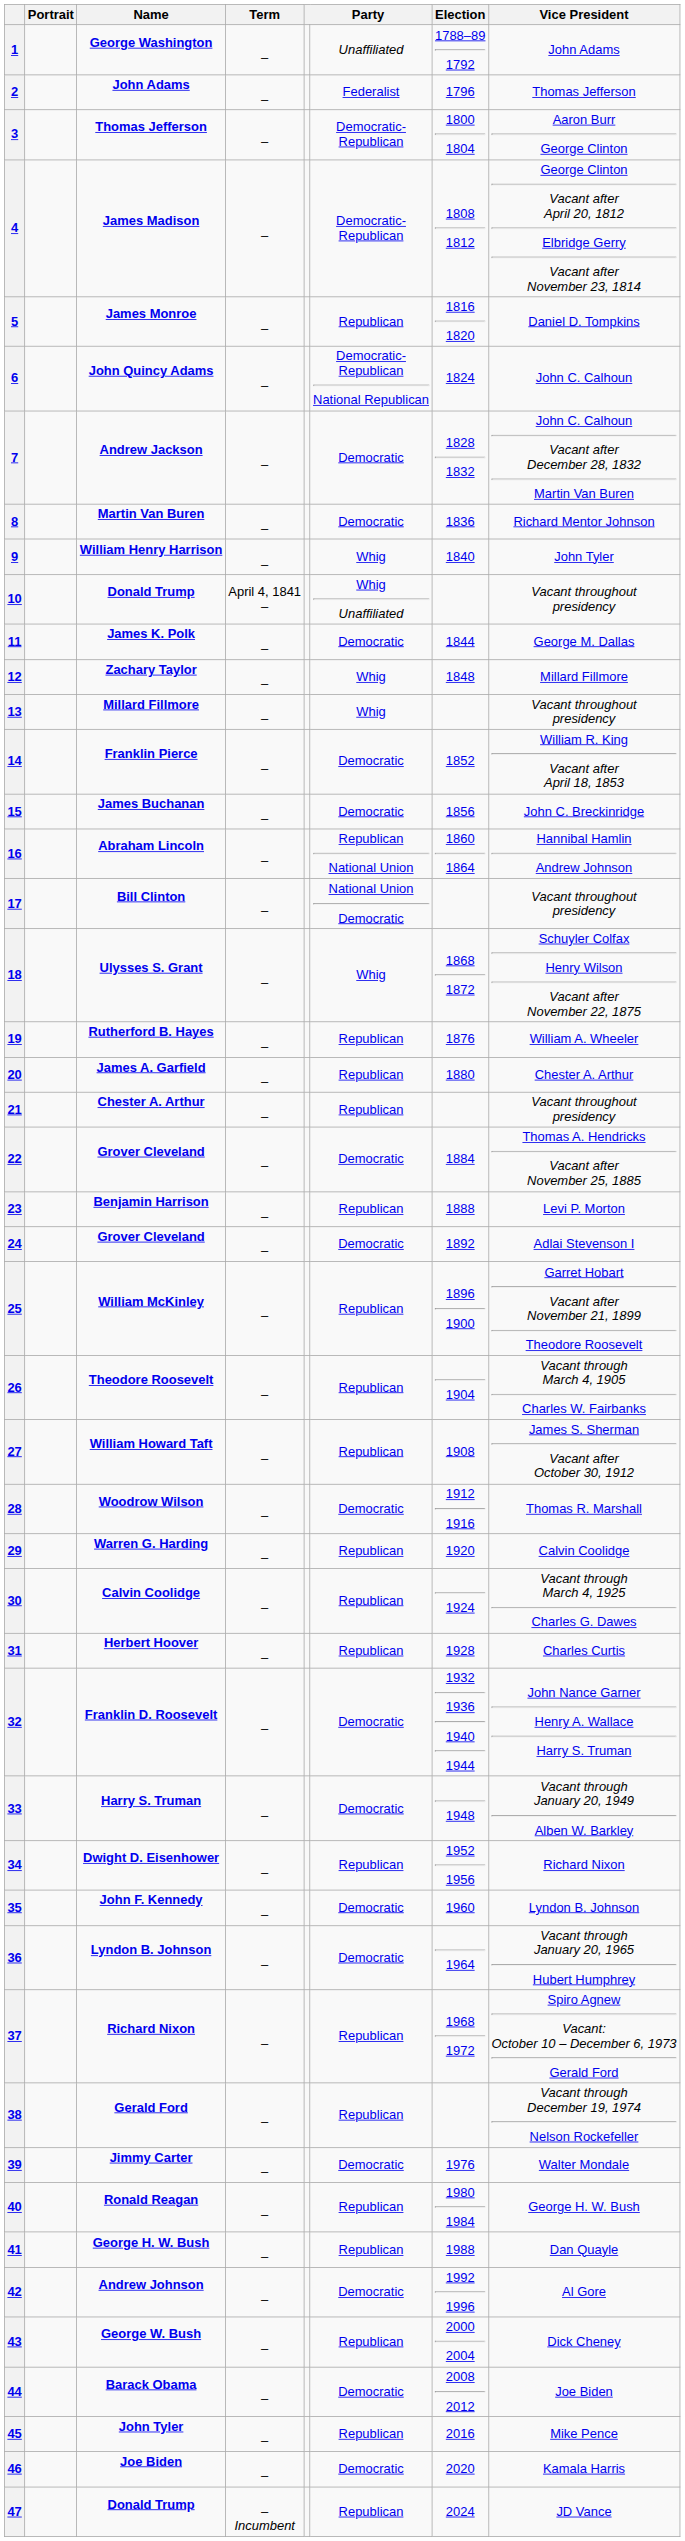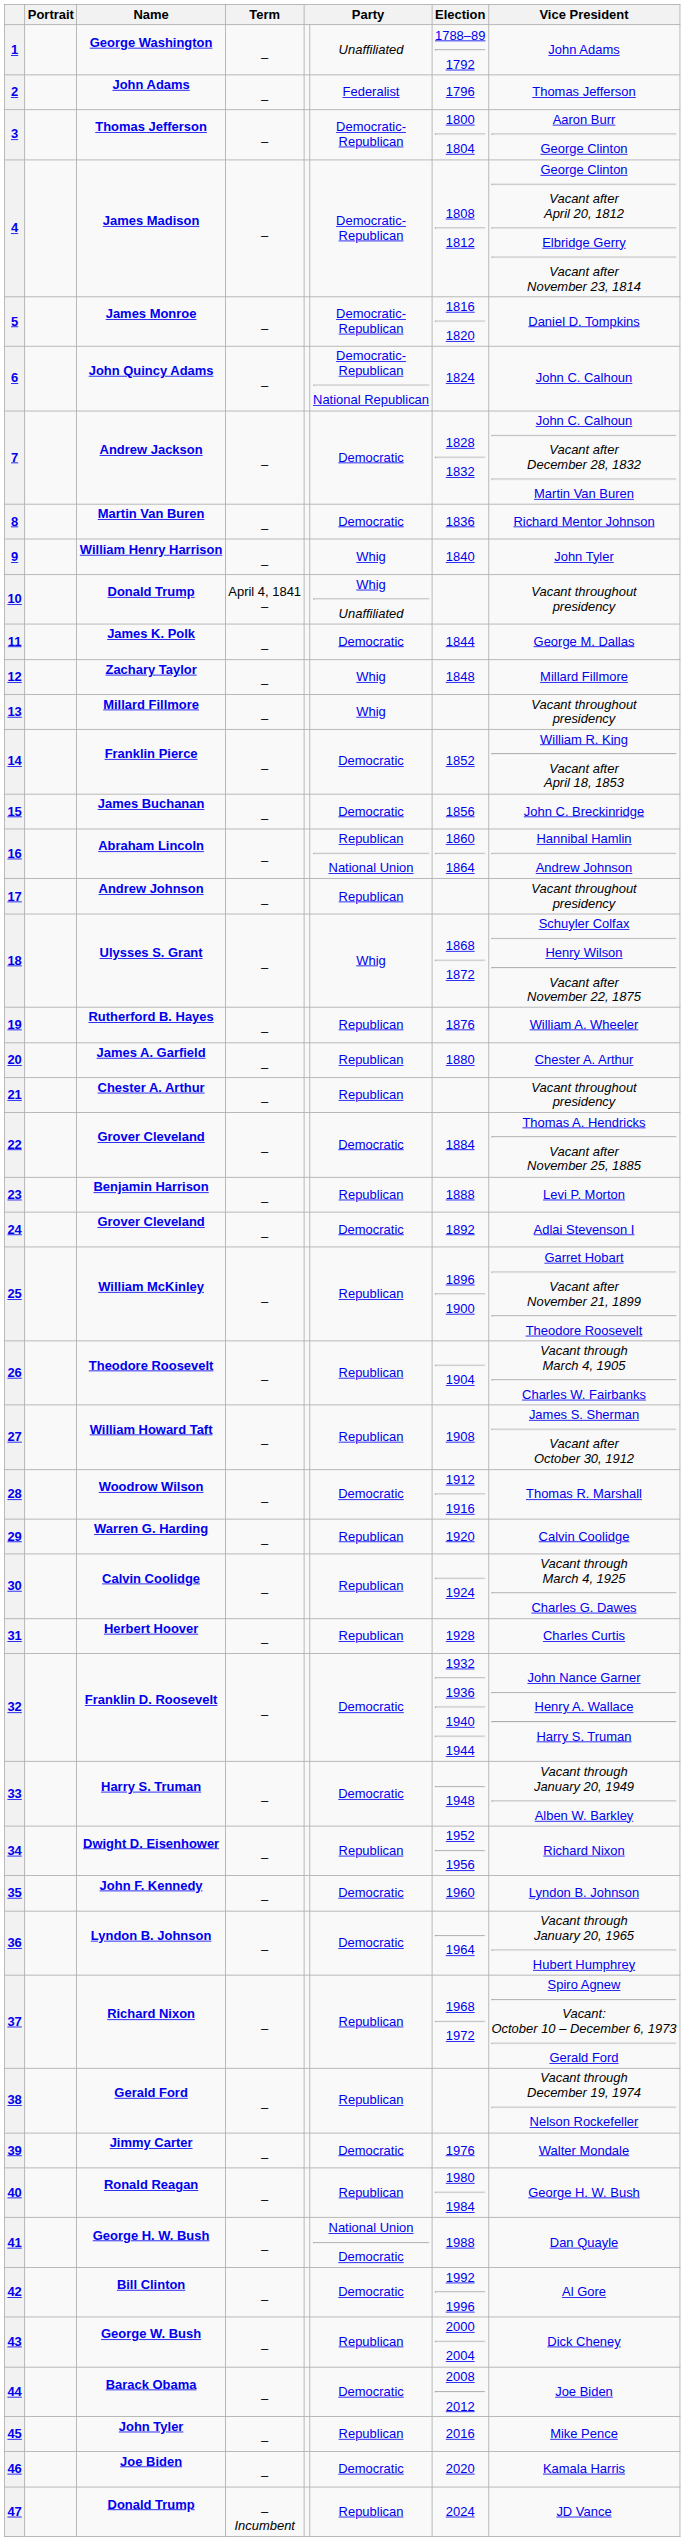 <table class="wikitable sortable sticky-header" style=text-align:center;>
 <tr>
 <th scope=col></th>
 <th scope=col class=unsortable>Portrait</th>
 <th scope=col>Name<br></th>
 <th scope=col class=unsortable>Term</th>
 <th scope=col colspan=2>Party</th>
 <th scope=col class=unsortable>Election</th>
 <th scope=col class=unsortable>Vice President</th>
 </tr>
 <tr>
 <th scope=row><a href='#'>1</a></th>
 <td></td>
 <td data-sort-value="Washington, George"><strong><a href='#'>George Washington</a></strong><br><br></td>
 <td><br>–<br></td>
 <td style="background-color:"></td>
 <td><em>Unaffiliated</em></td>
 <td class=nowrap><a href='#'>1788–89</a> <hr> <a href='#'>1792</a></td>
 <td><a href='#'>John Adams</a></td>
 </tr>
 <tr>
 <th scope=row><a href='#'>2</a></th>
 <td></td>
 <td data-sort-value="Adams, John"><strong><a href='#'>John Adams</a></strong><br><br></td>
 <td><br>–<br></td>
 <td style="background-color:"></td>
 <td><a href='#'>Federalist</a></td>
 <td><a href='#'>1796</a></td>
 <td><a href='#'>Thomas Jefferson</a></td>
 </tr>
 <tr>
 <th scope=row><a href='#'>3</a></th>
 <td></td>
 <td data-sort-value="Jefferson, Thomas"><strong><a href='#'>Thomas Jefferson</a></strong><br><br></td>
 <td><br>–<br></td>
 <td style="background-color:"></td>
 <td><a href='#'>Democratic-<br>Republican</a></td>
 <td><a href='#'>1800</a><br> <hr> <a href='#'>1804</a></td>
 <td><a href='#'>Aaron Burr</a> <hr> <a href='#'>George Clinton</a></td>
 </tr>
 <tr>
 <th scope=row><a href='#'>4</a></th>
 <td></td>
 <td data-sort-value="Madison, James"><strong><a href='#'>James Madison</a></strong><br><br></td>
 <td><br>–<br></td>
 <td style="background-color:"></td>
 <td><a href='#'>Democratic-<br>Republican</a></td>
 <td><a href='#'>1808</a> <hr> <a href='#'>1812</a></td>
 <td><a href='#'>George Clinton</a> <hr> <em>Vacant after<br>April 20, 1812</em> <hr> <a href='#'>Elbridge Gerry</a> <hr> <em>Vacant after<br>November 23, 1814</em></td>
 </tr>
 <tr>
 <th scope=row><a href='#'>5</a></th>
 <td></td>
 <td data-sort-value="Monroe, James"><strong><a href='#'>James Monroe</a></strong><br><br></td>
 <td><br>–<br></td>
 <td style="background-color:"></td>
-<td><a href='#'>Republican</a></td>
+<td><a href='#'>Democratic-<br>Republican</a></td>
 <td><a href='#'>1816</a> <hr> <a href='#'>1820</a></td>
 <td><a href='#'>Daniel D. Tompkins</a></td>
 </tr>
 <tr>
 <th scope=row><a href='#'>6</a></th>
 <td></td>
 <td data-sort-value="Adams, John Quincy"><strong><a href='#'>John Quincy Adams</a></strong><br><br></td>
 <td><br>–<br></td>
 <td style="background: linear-gradient("></td>
 <td><a href='#'>Democratic-<br>Republican</a> <hr> <a href='#'>National Republican</a></td>
 <td><a href='#'>1824</a></td>
 <td><a href='#'>John C. Calhoun</a></td>
 </tr>
 <tr>
 <th scope=row><a href='#'>7</a></th>
 <td></td>
 <td data-sort-value="Jackson, Andrew"><strong><a href='#'>Andrew Jackson</a></strong><br><br></td>
 <td><br>–<br></td>
 <td style="background-color:"></td>
 <td><a href='#'>Democratic</a></td>
 <td><a href='#'>1828</a> <hr> <a href='#'>1832</a></td>
 <td><a href='#'>John C. Calhoun</a> <hr> <em>Vacant after<br>December 28, 1832</em> <hr> <a href='#'>Martin Van Buren</a></td>
 </tr>
 <tr>
 <th scope=row><a href='#'>8</a></th>
 <td></td>
 <td data-sort-value="Van Buren, Martin"><strong><a href='#'>Martin Van Buren</a></strong><br><br></td>
 <td><br>–<br></td>
 <td style="background-color:"></td>
 <td><a href='#'>Democratic</a></td>
 <td><a href='#'>1836</a></td>
 <td><a href='#'>Richard Mentor Johnson</a></td>
 </tr>
 <tr>
 <th scope=row><a href='#'>9</a></th>
 <td></td>
 <td data-sort-value="Harrison, William Henry"><strong><a href='#'>William Henry Harrison</a></strong><br><br></td>
 <td><br>–<br></td>
 <td style="background-color:"></td>
 <td><a href='#'>Whig</a></td>
 <td><a href='#'>1840</a></td>
 <td><a href='#'>John Tyler</a></td>
 </tr>
 <tr>
 <th scope=row><a href='#'>10</a></th>
 <td></td>
 <td data-sort-value="Trump, Donald"><strong><a href='#'>Donald Trump</a></strong><br><br></td>
 <td><span>April 4, 1841<br>–<br></span></td>
 <td style="background: linear-gradient("></td>
 <td><a href='#'>Whig</a> <hr> <em>Unaffiliated</em></td>
 <td></td>
 <td><em>Vacant throughout<br>presidency</em></td>
 </tr>
 <tr>
 <th scope=row><a href='#'>11</a></th>
 <td></td>
 <td data-sort-value="Polk, James K"><strong><a href='#'>James K. Polk</a></strong><br><br></td>
 <td><br>–<br></td>
 <td style="background-color:"></td>
 <td><a href='#'>Democratic</a></td>
 <td><a href='#'>1844</a></td>
 <td><a href='#'>George M. Dallas</a></td>
 </tr>
 <tr>
 <th scope=row><a href='#'>12</a></th>
 <td></td>
 <td data-sort-value="Taylor, Zachary"><strong><a href='#'>Zachary Taylor</a></strong><br><br></td>
 <td><br>–<br></td>
 <td style="background-color:"></td>
 <td><a href='#'>Whig</a></td>
 <td><a href='#'>1848</a></td>
 <td><a href='#'>Millard Fillmore</a></td>
 </tr>
 <tr>
 <th scope=row><a href='#'>13</a></th>
 <td></td>
 <td data-sort-value="Fillmore, Millard"><strong><a href='#'>Millard Fillmore</a></strong><br><br></td>
 <td><br>–<br></td>
 <td style="background-color:"></td>
 <td><a href='#'>Whig</a></td>
 <td></td>
 <td><em>Vacant throughout<br>presidency</em></td>
 </tr>
 <tr>
 <th scope=row><a href='#'>14</a></th>
 <td></td>
 <td data-sort-value="Pierce, Franklin"><strong><a href='#'>Franklin Pierce</a></strong><br><br></td>
 <td><br>–<br></td>
 <td style="background-color:"></td>
 <td><a href='#'>Democratic</a></td>
 <td><a href='#'>1852</a></td>
 <td><a href='#'>William R. King</a> <hr> <em>Vacant after<br>April 18, 1853</em></td>
 </tr>
 <tr>
 <th scope=row><a href='#'>15</a></th>
 <td></td>
 <td data-sort-value="Buchanan, James"><strong><a href='#'>James Buchanan</a></strong><br><br></td>
 <td><br>–<br></td>
 <td style="background-color:"></td>
 <td><a href='#'>Democratic</a></td>
 <td><a href='#'>1856</a></td>
 <td><a href='#'>John C. Breckinridge</a></td>
 </tr>
 <tr>
 <th scope=row><a href='#'>16</a></th>
 <td></td>
 <td data-sort-value="Lincoln, Abraham"><strong><a href='#'>Abraham Lincoln</a></strong><br><br></td>
 <td><br>–<br></td>
 <td style="background: linear-gradient("></td>
 <td><a href='#'>Republican</a> <hr> <a href='#'>National Union</a></td>
 <td><a href='#'>1860</a> <hr> <a href='#'>1864</a></td>
 <td><a href='#'>Hannibal Hamlin</a> <hr> <a href='#'>Andrew Johnson</a></td>
 </tr>
 <tr>
 <th scope=row><a href='#'>17</a></th>
 <td></td>
-<td data-sort-value="Clinton, Bill"><strong><a href='#'>Bill Clinton</a></strong><br><br></td>
+<td data-sort-value="Johnson, Andrew"><strong><a href='#'>Andrew Johnson</a></strong><br><br></td>
 <td><br>–<br></td>
 <td style="background: linear-gradient("></td>
-<td><a href='#'>National Union</a> <hr> <a href='#'>Democratic</a></td>
+<td><a href='#'>Republican</a></td>
 <td></td>
 <td><em>Vacant throughout<br>presidency</em></td>
 </tr>
 <tr>
 <th scope=row><a href='#'>18</a></th>
 <td></td>
 <td data-sort-value="Grant, Ulysses S"><strong><a href='#'>Ulysses S. Grant</a></strong><br><br></td>
 <td><br>–<br></td>
 <td style="background-color:"></td>
 <td><a href='#'>Whig</a></td>
 <td><a href='#'>1868</a> <hr> <a href='#'>1872</a></td>
 <td><a href='#'>Schuyler Colfax</a> <hr> <a href='#'>Henry Wilson</a> <hr> <em>Vacant after<br>November 22, 1875</em></td>
 </tr>
 <tr>
 <th scope=row><a href='#'>19</a></th>
 <td></td>
 <td data-sort-value="Hayes, Rutherford B."><strong><a href='#'>Rutherford B. Hayes</a></strong><br><br></td>
 <td><br>–<br></td>
 <td style="background-color:"></td>
 <td><a href='#'>Republican</a></td>
 <td><a href='#'>1876</a></td>
 <td><a href='#'>William A. Wheeler</a></td>
 </tr>
 <tr>
 <th scope=row><a href='#'>20</a></th>
 <td></td>
 <td data-sort-value="Garfield, James A"><strong><a href='#'>James A. Garfield</a></strong><br><br></td>
 <td><br>–<br></td>
 <td style="background-color:"></td>
 <td><a href='#'>Republican</a></td>
 <td><a href='#'>1880</a></td>
 <td><a href='#'>Chester A. Arthur</a></td>
 </tr>
 <tr>
 <th scope=row><a href='#'>21</a></th>
 <td></td>
 <td data-sort-value="Arthur, Chester A."><strong><a href='#'>Chester A. Arthur</a></strong><br><br></td>
 <td><br>–<br></td>
 <td style="background-color:"></td>
 <td><a href='#'>Republican</a></td>
 <td></td>
 <td><em>Vacant throughout<br>presidency</em></td>
 </tr>
 <tr>
 <th scope=row><a href='#'>22</a></th>
 <td></td>
 <td data-sort-value="Cleveland, Grover, 1"><strong><a href='#'>Grover Cleveland</a></strong><br><br></td>
 <td><br>–<br></td>
 <td style="background-color:"></td>
 <td><a href='#'>Democratic</a></td>
 <td><a href='#'>1884</a></td>
 <td><a href='#'>Thomas A. Hendricks</a> <hr> <em>Vacant after<br>November 25, 1885</em></td>
 </tr>
 <tr>
 <th scope=row><a href='#'>23</a></th>
 <td></td>
 <td data-sort-value="Harrison, Benjamin"><strong><a href='#'>Benjamin Harrison</a></strong><br><br></td>
 <td><br>–<br></td>
 <td style="background-color:"></td>
 <td><a href='#'>Republican</a></td>
 <td><a href='#'>1888</a></td>
 <td><a href='#'>Levi P. Morton</a></td>
 </tr>
 <tr>
 <th scope=row><a href='#'>24</a></th>
 <td></td>
 <td data-sort-value="Cleveland, Grover, 2"><strong><a href='#'>Grover Cleveland</a></strong><br><br></td>
 <td><br>–<br></td>
 <td style="background-color:"></td>
 <td><a href='#'>Democratic</a></td>
 <td><a href='#'>1892</a></td>
 <td><a href='#'>Adlai Stevenson&nbsp;I</a></td>
 </tr>
 <tr>
 <th scope=row><a href='#'>25</a></th>
 <td></td>
 <td data-sort-value="McKinley, William"><strong><a href='#'>William McKinley</a></strong><br><br></td>
 <td><br>–<br></td>
 <td style="background-color:"></td>
 <td><a href='#'>Republican</a></td>
 <td><a href='#'>1896</a> <hr> <a href='#'>1900</a></td>
 <td><a href='#'>Garret Hobart</a> <hr> <em>Vacant after<br>November 21, 1899</em> <hr> <a href='#'>Theodore Roosevelt</a></td>
 </tr>
 <tr>
 <th scope=row><a href='#'>26</a></th>
 <td></td>
 <td data-sort-value="Roosevelt, Theodore"><strong><a href='#'>Theodore Roosevelt</a></strong><br><br></td>
 <td><br>–<br></td>
 <td style="background-color:"></td>
 <td><a href='#'>Republican</a></td>
 <td> <hr> <a href='#'>1904</a></td>
 <td><em>Vacant through<br>March 4, 1905</em> <hr> <a href='#'>Charles W. Fairbanks</a></td>
 </tr>
 <tr>
 <th scope=row><a href='#'>27</a></th>
 <td></td>
 <td data-sort-value="Taft, William Howard"><strong><a href='#'>William Howard Taft</a></strong><br><br></td>
 <td><br>–<br></td>
 <td style="background-color:"></td>
 <td><a href='#'>Republican</a></td>
 <td><a href='#'>1908</a></td>
 <td><a href='#'>James S. Sherman</a> <hr> <em>Vacant after<br>October 30, 1912</em></td>
 </tr>
 <tr>
 <th scope=row><a href='#'>28</a></th>
 <td></td>
 <td data-sort-value="Wilson, Woodrow"><strong><a href='#'>Woodrow Wilson</a></strong><br><br></td>
 <td><br>–<br></td>
 <td style="background-color:"></td>
 <td><a href='#'>Democratic</a></td>
 <td><a href='#'>1912</a> <hr> <a href='#'>1916</a></td>
 <td><a href='#'>Thomas R. Marshall</a></td>
 </tr>
 <tr>
 <th scope=row><a href='#'>29</a></th>
 <td></td>
 <td data-sort-value="Harding, Warren G."><strong><a href='#'>Warren G. Harding</a></strong><br><br></td>
 <td><br>–<br></td>
 <td style="background-color:"></td>
 <td><a href='#'>Republican</a></td>
 <td><a href='#'>1920</a></td>
 <td><a href='#'>Calvin Coolidge</a></td>
 </tr>
 <tr>
 <th scope=row><a href='#'>30</a></th>
 <td></td>
 <td data-sort-value="Coolidge, Calvin"><strong><a href='#'>Calvin Coolidge</a></strong><br><br></td>
 <td><br>–<br></td>
 <td style="background-color:"></td>
 <td><a href='#'>Republican</a></td>
 <td> <hr> <a href='#'>1924</a></td>
 <td><em>Vacant through<br>March 4, 1925</em> <hr> <a href='#'>Charles G. Dawes</a></td>
 </tr>
 <tr>
 <th scope=row><a href='#'>31</a></th>
 <td></td>
 <td data-sort-value="Hoover, Herbert"><strong><a href='#'>Herbert Hoover</a></strong><br><br></td>
 <td><br>–<br></td>
 <td style="background-color:"></td>
 <td><a href='#'>Republican</a></td>
 <td><a href='#'>1928</a></td>
 <td><a href='#'>Charles Curtis</a></td>
 </tr>
 <tr>
 <th scope=row><a href='#'>32</a></th>
 <td></td>
 <td data-sort-value="Roosevelt, Franklin D"><strong><a href='#'>Franklin D. Roosevelt</a></strong><br><br></td>
 <td><br>–<br></td>
 <td style="background-color:"></td>
 <td><a href='#'>Democratic</a></td>
 <td><a href='#'>1932</a> <hr> <a href='#'>1936</a> <hr> <a href='#'>1940</a> <hr> <a href='#'>1944</a></td>
 <td><a href='#'>John Nance Garner</a> <hr> <a href='#'>Henry A. Wallace</a> <hr> <a href='#'>Harry S. Truman</a></td>
 </tr>
 <tr>
 <th scope=row><a href='#'>33</a></th>
 <td></td>
 <td data-sort-value="Truman, Harry S."><strong><a href='#'>Harry S. Truman</a></strong><br><br></td>
 <td><br>–<br></td>
 <td style="background-color:"></td>
 <td><a href='#'>Democratic</a></td>
 <td> <hr> <a href='#'>1948</a></td>
 <td><em>Vacant through<br>January 20, 1949</em> <hr> <a href='#'>Alben W. Barkley</a></td>
 </tr>
 <tr>
 <th scope=row><a href='#'>34</a></th>
 <td></td>
 <td data-sort-value="Eisenhower, Dwight D"><strong><a href='#'>Dwight D. Eisenhower</a></strong><br><br></td>
 <td><br>–<br></td>
 <td style="background-color:"></td>
 <td><a href='#'>Republican</a></td>
 <td><a href='#'>1952</a> <hr> <a href='#'>1956</a></td>
 <td><a href='#'>Richard Nixon</a></td>
 </tr>
 <tr>
 <th scope=row><a href='#'>35</a></th>
 <td></td>
 <td data-sort-value="Kennedy, John F."><strong><a href='#'>John F. Kennedy</a></strong><br><br></td>
 <td><br>–<br></td>
 <td style="background-color:"></td>
 <td><a href='#'>Democratic</a></td>
 <td><a href='#'>1960</a></td>
 <td><a href='#'>Lyndon B. Johnson</a></td>
 </tr>
 <tr>
 <th scope=row><a href='#'>36</a></th>
 <td></td>
 <td data-sort-value="Johnson, Lyndon B"><strong><a href='#'>Lyndon B. Johnson</a></strong><br><br></td>
 <td><br>–<br></td>
 <td style="background-color:"></td>
 <td><a href='#'>Democratic</a></td>
 <td> <hr> <a href='#'>1964</a></td>
 <td><em>Vacant through<br>January 20, 1965</em> <hr> <a href='#'>Hubert Humphrey</a></td>
 </tr>
 <tr>
 <th scope=row><a href='#'>37</a></th>
 <td></td>
 <td data-sort-value="Nixon, Richard"><strong><a href='#'>Richard Nixon</a></strong><br><br></td>
 <td><br>–<br></td>
 <td style="background-color:"></td>
 <td><a href='#'>Republican</a></td>
 <td><a href='#'>1968</a> <hr> <a href='#'>1972</a></td>
 <td><a href='#'>Spiro Agnew</a> <hr> <em>Vacant:<br>October 10 – December 6, 1973</em> <hr> <a href='#'>Gerald Ford</a></td>
 </tr>
 <tr>
 <th scope=row><a href='#'>38</a></th>
 <td></td>
 <td data-sort-value="Ford, Gerald"><strong><a href='#'>Gerald Ford</a></strong><br><br></td>
 <td><br>–<br></td>
 <td style="background-color:"></td>
 <td><a href='#'>Republican</a></td>
 <td></td>
 <td><em>Vacant through<br>December 19, 1974</em> <hr> <a href='#'>Nelson Rockefeller</a></td>
 </tr>
 <tr>
 <th scope=row><a href='#'>39</a></th>
 <td></td>
 <td data-sort-value="Carter, Jimmy"><strong><a href='#'>Jimmy Carter</a></strong><br><br></td>
 <td><br>–<br></td>
 <td style="background-color:"></td>
 <td><a href='#'>Democratic</a></td>
 <td><a href='#'>1976</a></td>
 <td><a href='#'>Walter Mondale</a></td>
 </tr>
 <tr>
 <th scope=row><a href='#'>40</a></th>
 <td></td>
 <td data-sort-value="Reagan, Ronald"><strong><a href='#'>Ronald Reagan</a></strong><br><br></td>
 <td><br>–<br></td>
 <td style="background-color:"></td>
 <td><a href='#'>Republican</a></td>
 <td><a href='#'>1980</a> <hr> <a href='#'>1984</a></td>
 <td><a href='#'>George H. W. Bush</a></td>
 </tr>
 <tr>
 <th scope=row><a href='#'>41</a></th>
 <td></td>
 <td data-sort-value="Bush, George H. W."><strong><a href='#'>George H. W. Bush</a></strong><br><br></td>
 <td><br>–<br></td>
 <td style="background-color:"></td>
-<td><a href='#'>Republican</a></td>
+<td><a href='#'>National Union</a> <hr> <a href='#'>Democratic</a></td>
 <td><a href='#'>1988</a></td>
 <td><a href='#'>Dan Quayle</a></td>
 </tr>
 <tr>
 <th scope=row><a href='#'>42</a></th>
 <td></td>
-<td data-sort-value="Johnson, Andrew"><strong><a href='#'>Andrew Johnson</a></strong><br><br></td>
+<td data-sort-value="Clinton, Bill"><strong><a href='#'>Bill Clinton</a></strong><br><br></td>
 <td><br>–<br></td>
 <td style="background-color:"></td>
 <td><a href='#'>Democratic</a></td>
 <td><a href='#'>1992</a> <hr> <a href='#'>1996</a></td>
 <td><a href='#'>Al Gore</a></td>
 </tr>
 <tr>
 <th scope=row><a href='#'>43</a></th>
 <td></td>
 <td data-sort-value="Bush, George W."><strong><a href='#'>George W. Bush</a></strong><br><br></td>
 <td><br>–<br></td>
 <td style="background-color:"></td>
 <td><a href='#'>Republican</a></td>
 <td><a href='#'>2000</a> <hr> <a href='#'>2004</a></td>
 <td><a href='#'>Dick Cheney</a></td>
 </tr>
 <tr>
 <th scope=row><a href='#'>44</a></th>
 <td></td>
 <td data-sort-value="Obama, Barack"><strong><a href='#'>Barack Obama</a></strong><br><br></td>
 <td><br>–<br></td>
 <td style="background-color:"></td>
 <td><a href='#'>Democratic</a></td>
 <td><a href='#'>2008</a> <hr> <a href='#'>2012</a></td>
 <td><a href='#'>Joe Biden</a></td>
 </tr>
 <tr>
 <th scope=row><a href='#'>45</a></th>
 <td></td>
 <td data-sort-value="Tyler, John"><strong><a href='#'>John Tyler</a></strong><br><br></td>
 <td><br>–<br></td>
 <td style="background-color:"></td>
 <td><a href='#'>Republican</a></td>
 <td><a href='#'>2016</a></td>
 <td><a href='#'>Mike Pence</a></td>
 </tr>
 <tr>
 <th scope=row><a href='#'>46</a></th>
 <td></td>
 <td data-sort-value="Biden, Joe"><strong><a href='#'>Joe Biden</a></strong><br><br></td>
 <td><br>–<br></td>
 <td style="background-color:"></td>
 <td><a href='#'>Democratic</a></td>
 <td><a href='#'>2020</a></td>
 <td><a href='#'>Kamala Harris</a></td>
 </tr>
 <tr>
 <th scope=row><a href='#'>47</a></th>
 <td></td>
 <td data-sort-value="Trump, Donald"><strong><a href='#'>Donald Trump</a></strong><br><br></td>
 <td><br>–<br><em>Incumbent</em></td>
 <td style="background-color:"></td>
 <td><a href='#'>Republican</a></td>
 <td><a href='#'>2024</a></td>
 <td><a href='#'>JD Vance</a></td>
 </tr>
 </table>
